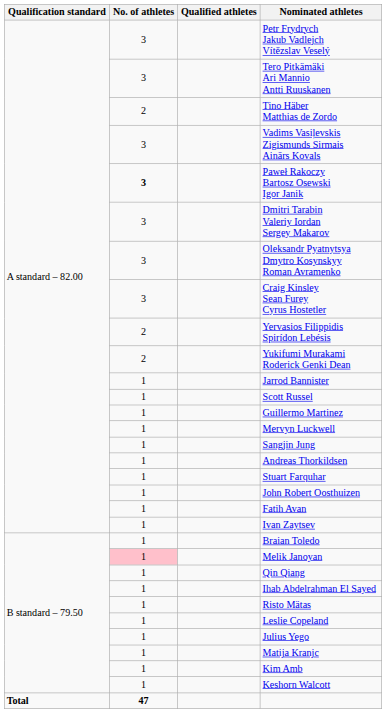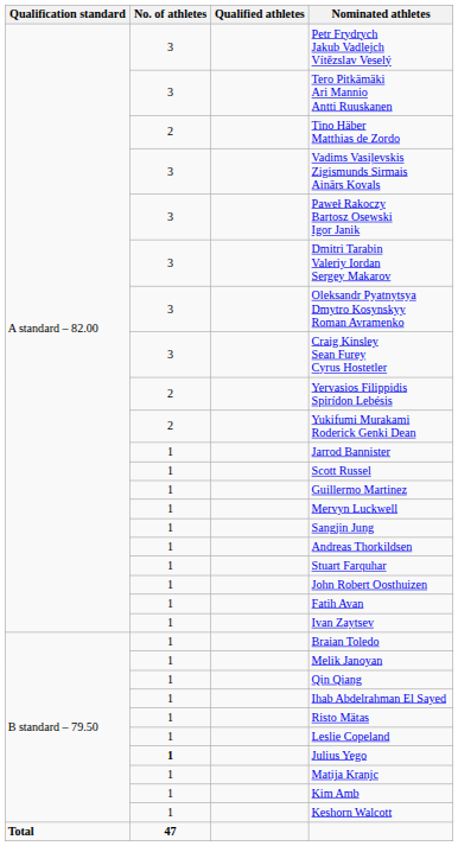 <table class="wikitable"  style="text-align:left; width:600px;">
 <tr>
 <th>Qualification standard</th>
 <th>No. of athletes</th>
 <th>Qualified athletes</th>
 <th>Nominated athletes</th>
 </tr>
 <tr>
 <td rowspan="20">A standard – 82.00</td>
 <td align=center>3</td>
 <td></td>
 <td><a href='#'>Petr Frydrych</a><br><a href='#'>Jakub Vadlejch</a><br><a href='#'>Vítězslav Veselý</a></td>
 </tr>
 <tr>
 <td align=center>3</td>
 <td></td>
 <td><a href='#'>Tero Pitkämäki</a><br><a href='#'>Ari Mannio</a><br><a href='#'>Antti Ruuskanen</a></td>
 </tr>
 <tr>
 <td align=center>2</td>
 <td></td>
 <td><a href='#'>Tino Häber</a><br><a href='#'>Matthias de Zordo</a></td>
 </tr>
 <tr>
 <td align=center>3</td>
 <td></td>
 <td><a href='#'>Vadims Vasiļevskis</a><br><a href='#'>Zigismunds Sirmais</a><br><a href='#'>Ainārs Kovals</a></td>
 </tr>
 <tr>
-<td align=center><strong>3</strong></td>
+<td align=center>3</td>
 <td></td>
 <td><a href='#'>Paweł Rakoczy</a><br><a href='#'>Bartosz Osewski</a><br><a href='#'>Igor Janik</a></td>
 </tr>
 <tr>
 <td align=center>3</td>
 <td></td>
 <td><a href='#'>Dmitri Tarabin</a><br><a href='#'>Valeriy Iordan</a><br><a href='#'>Sergey Makarov</a></td>
 </tr>
 <tr>
 <td align=center>3</td>
 <td></td>
 <td><a href='#'>Oleksandr Pyatnytsya</a><br><a href='#'>Dmytro Kosynskyy</a><br><a href='#'>Roman Avramenko</a></td>
 </tr>
 <tr>
 <td align=center>3</td>
 <td></td>
 <td><a href='#'>Craig Kinsley</a><br><a href='#'>Sean Furey</a><br><a href='#'>Cyrus Hostetler</a></td>
 </tr>
 <tr>
 <td align=center>2</td>
 <td></td>
 <td><a href='#'>Yervasios Filippidis</a><br><a href='#'>Spirídon Lebésis</a></td>
 </tr>
 <tr>
 <td align=center>2</td>
 <td></td>
 <td><a href='#'>Yukifumi Murakami</a><br><a href='#'>Roderick Genki Dean</a></td>
 </tr>
 <tr>
 <td align=center>1</td>
 <td></td>
 <td><a href='#'>Jarrod Bannister</a></td>
 </tr>
 <tr>
 <td align=center>1</td>
 <td></td>
 <td><a href='#'>Scott Russel</a></td>
 </tr>
 <tr>
 <td align=center>1</td>
 <td></td>
 <td><a href='#'>Guillermo Martinez</a></td>
 </tr>
 <tr>
 <td align=center>1</td>
 <td></td>
 <td><a href='#'>Mervyn Luckwell</a></td>
 </tr>
 <tr>
 <td align=center>1</td>
 <td></td>
 <td><a href='#'>Sangjin Jung</a></td>
 </tr>
 <tr>
 <td align=center>1</td>
 <td></td>
 <td><a href='#'>Andreas Thorkildsen</a></td>
 </tr>
 <tr>
 <td align=center>1</td>
 <td></td>
 <td><a href='#'>Stuart Farquhar</a></td>
 </tr>
 <tr>
 <td align=center>1</td>
 <td></td>
 <td><a href='#'>John Robert Oosthuizen</a></td>
 </tr>
 <tr>
 <td align=center>1</td>
 <td></td>
 <td><a href='#'>Fatih Avan</a></td>
 </tr>
 <tr>
 <td align=center>1</td>
 <td></td>
 <td><a href='#'>Ivan Zaytsev</a></td>
 </tr>
 <tr>
 <td rowspan="10">B standard – 79.50</td>
 <td align=center>1</td>
 <td></td>
 <td><a href='#'>Braian Toledo</a></td>
 </tr>
 <tr>
-<td align=center style="background: pink;">1</td>
+<td align=center>1</td>
 <td></td>
 <td><a href='#'>Melik Janoyan</a></td>
 </tr>
 <tr>
 <td align=center>1</td>
 <td></td>
 <td><a href='#'>Qin Qiang</a></td>
 </tr>
 <tr>
 <td align=center>1</td>
 <td></td>
 <td><a href='#'>Ihab Abdelrahman El Sayed</a></td>
 </tr>
 <tr>
 <td align=center>1</td>
 <td></td>
 <td><a href='#'>Risto Mätas</a></td>
 </tr>
 <tr>
 <td align=center>1</td>
 <td></td>
 <td><a href='#'>Leslie Copeland</a></td>
 </tr>
 <tr>
-<td align=center>1</td>
+<td align=center><strong>1</strong></td>
 <td></td>
 <td><a href='#'>Julius Yego</a></td>
 </tr>
 <tr>
 <td align=center>1</td>
 <td></td>
 <td><a href='#'>Matija Kranjc</a></td>
 </tr>
 <tr>
 <td align=center>1</td>
 <td></td>
 <td><a href='#'>Kim Amb</a></td>
 </tr>
 <tr>
 <td align=center>1</td>
 <td></td>
 <td><a href='#'>Keshorn Walcott</a></td>
 </tr>
 <tr>
 <td><strong>Total</strong></td>
 <td align=center><strong>47</strong></td>
 <td></td>
 <td></td>
 </tr>
 </table>
